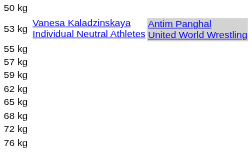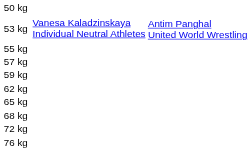 <table>
 <tr>
 <td rowspan=2>50 kg<br></td>
 <td rowspan=2></td>
 <td rowspan=2></td>
 <td></td>
 </tr>
 <tr>
 <td></td>
 </tr>
 <tr>
 <td rowspan=2>53 kg<br></td>
 <td rowspan=2></td>
 <td rowspan=2><a href='#'>Vanesa Kaladzinskaya</a><br> <a href='#'>Individual Neutral Athletes</a></td>
 <td></td>
 </tr>
 <tr>
-<td style="background: lightgrey;"><a href='#'>Antim Panghal</a><br> <a href='#'>United World Wrestling</a></td>
+<td><a href='#'>Antim Panghal</a><br> <a href='#'>United World Wrestling</a></td>
 </tr>
 <tr>
 <td rowspan=2>55 kg<br></td>
 <td rowspan=2></td>
 <td rowspan=2></td>
 <td></td>
 </tr>
 <tr>
 <td></td>
 </tr>
 <tr>
 <td rowspan=2>57 kg<br></td>
 <td rowspan=2></td>
 <td rowspan=2></td>
 <td></td>
 </tr>
 <tr>
 <td></td>
 </tr>
 <tr>
 <td rowspan=2>59 kg<br></td>
 <td rowspan=2></td>
 <td rowspan=2></td>
 <td></td>
 </tr>
 <tr>
 <td></td>
 </tr>
 <tr>
 <td rowspan=2>62 kg<br></td>
 <td rowspan=2></td>
 <td rowspan=2></td>
 <td></td>
 </tr>
 <tr>
 <td></td>
 </tr>
 <tr>
 <td rowspan=2>65 kg<br></td>
 <td rowspan=2></td>
 <td rowspan=2></td>
 <td></td>
 </tr>
 <tr>
 <td></td>
 </tr>
 <tr>
 <td rowspan=2>68 kg<br></td>
 <td rowspan=2></td>
 <td rowspan=2></td>
 <td></td>
 </tr>
 <tr>
 <td></td>
 </tr>
 <tr>
 <td rowspan=2>72 kg<br></td>
 <td rowspan=2></td>
 <td rowspan=2></td>
 <td></td>
 </tr>
 <tr>
 <td></td>
 </tr>
 <tr>
 <td rowspan=2>76 kg<br></td>
 <td rowspan=2></td>
 <td rowspan=2></td>
 <td></td>
 </tr>
 <tr>
 <td></td>
 </tr>
 <tr>
 </tr>
 </table>
